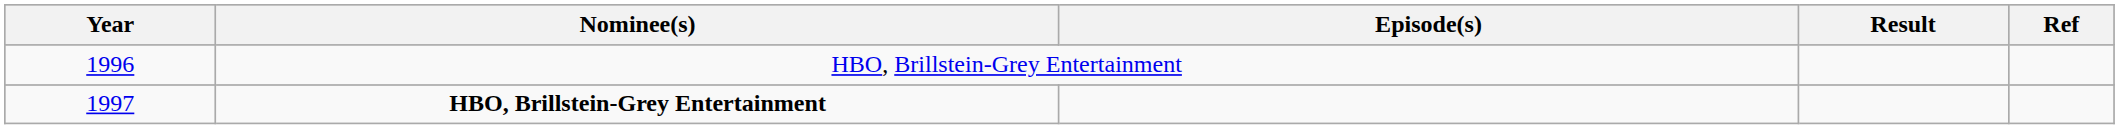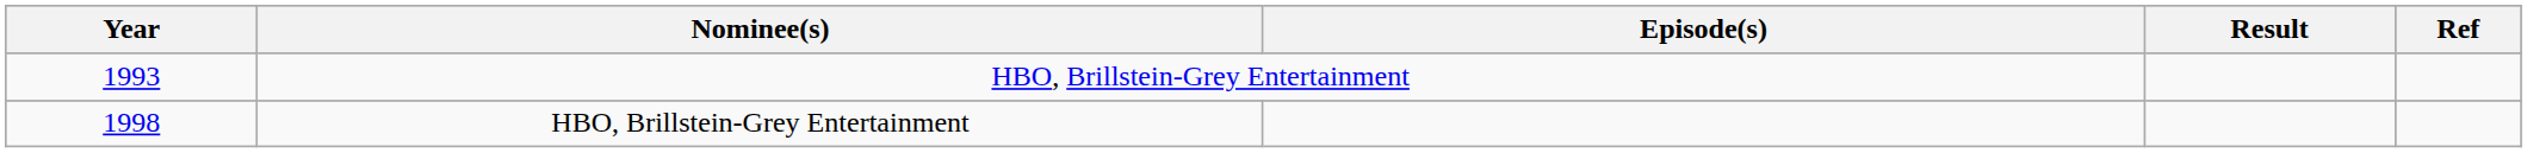 <table class="wikitable plainrowheaders" style="font-size: 90%; text-align:center" width=100%>
 <tr>
 <th scope="col" width="10%">Year</th>
 <th scope="col" width="40%">Nominee(s)</th>
 <th scope="col" width="35%">Episode(s)</th>
 <th scope="col" width="10%">Result</th>
 <th scope="col" width="5%">Ref</th>
 </tr>
 <tr>
-<td><a href='#'>1996</a></td>
+<td><a href='#'>1993</a></td>
 <td colspan="2"><a href='#'>HBO</a>, <a href='#'>Brillstein-Grey Entertainment</a></td>
 <td></td>
 <td></td>
 </tr>
 <tr>
-<td><a href='#'>1997</a></td>
-<td><strong>HBO, Brillstein-Grey Entertainment</strong></td>
+<td><a href='#'>1998</a></td>
+<td>HBO, Brillstein-Grey Entertainment</td>
 <td></td>
 <td></td>
 <td></td>
 </tr>
 </table>
